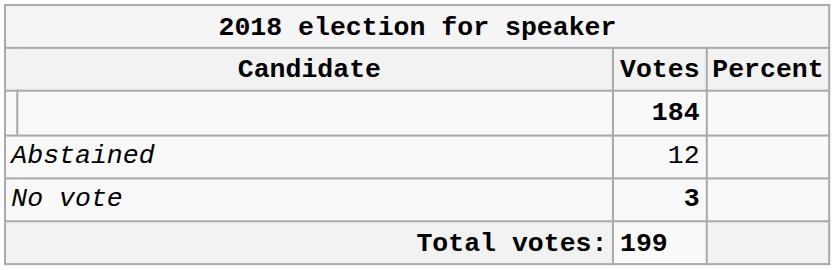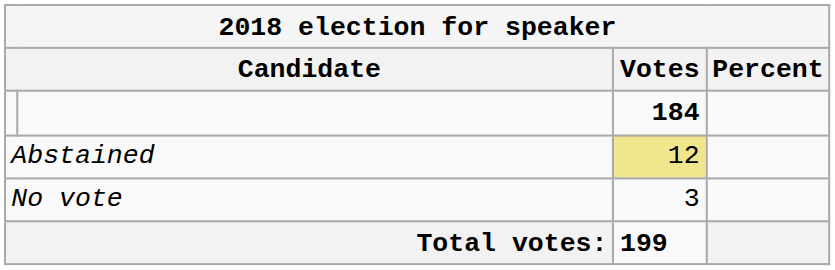 <table class="wikitable">
 <tr>
 <th colspan=4 style="background:#f5f5f5">2018 election for speaker </th>
 </tr>
 <tr>
 <th colspan=2>Candidate</th>
 <th>Votes</th>
 <th>Percent</th>
 </tr>
 <tr>
 <td style="background-color: "></td>
 <td style="width: 22em;"></td>
 <td style="text-align:right"><strong>184</strong></td>
 <td style="text-align:right"></td>
 </tr>
 <tr>
 <td colspan=2><em>Abstained</em></td>
-<td style="text-align:right">12</td>
+<td style="background: khaki; text-align:right">12</td>
 <td style="text-align:right"></td>
 </tr>
 <tr>
 <td colspan=2><em>No vote</em></td>
-<td style="text-align:right"><strong>3</strong></td>
+<td style="text-align:right">3</td>
 <td style="text-align:right"></td>
 </tr>
 <tr>
 <th colspan=2 style="text-align:right">Total votes:</th>
 <td><strong>199</strong></td>
 <th></th>
 </tr>
 </table>
